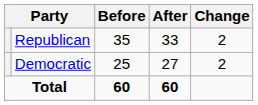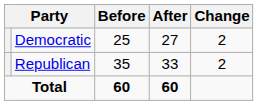 <table class="wikitable" style="text-align:center;">
 <tr>
 <th colspan="2">Party</th>
 <th>Before</th>
 <th>After</th>
 <th>Change</th>
 </tr>
 <tr>
 <th style="background-color:"></th>
-<td style="text-align:left;"><a href='#'>Republican</a></td>
-<td>35</td>
-<td>33</td>
+<td style="text-align:left;"><a href='#'>Democratic</a></td>
+<td>25</td>
+<td>27</td>
 <td> 2</td>
 </tr>
 <tr>
 <th style="background-color:"></th>
-<td style="text-align:left;"><a href='#'>Democratic</a></td>
-<td>25</td>
-<td>27</td>
+<td style="text-align:left;"><a href='#'>Republican</a></td>
+<td>35</td>
+<td>33</td>
 <td> 2</td>
 </tr>
 <tr>
 <td colspan="2"><strong>Total</strong></td>
 <td><strong>60</strong></td>
 <td><strong>60</strong></td>
 <td></td>
 </tr>
 </table>
